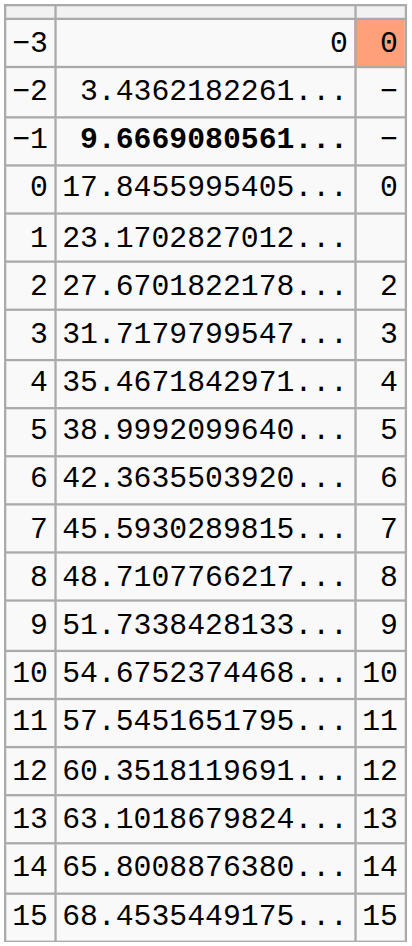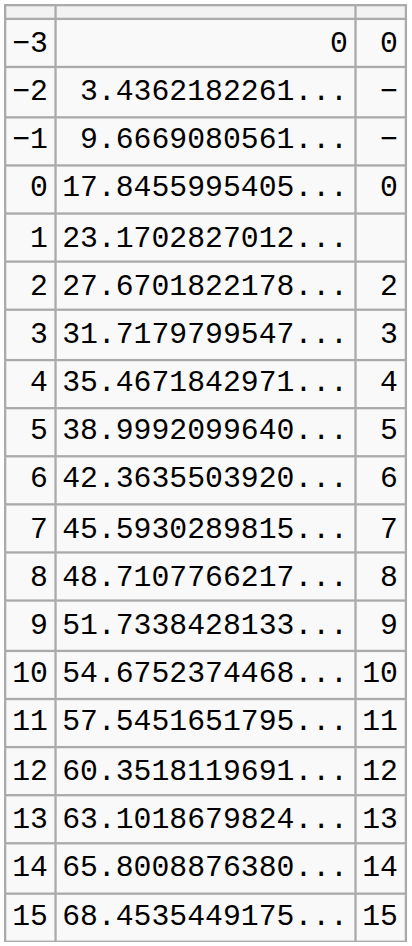 <table class="wikitable" border="1">
 <tr>
 <th></th>
 <th></th>
 <th></th>
 </tr>
 <tr>
 <td style="text-align:right;">−3</td>
 <td style="text-align:right;">0</td>
-<td style="background: lightsalmon; text-align:right;">0</td>
+<td style="text-align:right;">0</td>
 </tr>
 <tr>
 <td style="text-align:right;">−2</td>
 <td style="text-align:right;">3.4362182261...</td>
 <td style="text-align:right;">−</td>
 </tr>
 <tr>
 <td style="text-align:right;">−1</td>
-<td style="text-align:right;"><strong>9.6669080561...</strong></td>
+<td style="text-align:right;">9.6669080561...</td>
 <td style="text-align:right;">−</td>
 </tr>
 <tr>
 <td style="text-align:right;">0</td>
 <td>17.8455995405...</td>
 <td style="text-align:right;">0</td>
 </tr>
 <tr>
 <td style="text-align:right;">1</td>
 <td>23.1702827012...</td>
 <td style="text-align:right;"></td>
 </tr>
 <tr>
 <td style="text-align:right;">2</td>
 <td>27.6701822178...</td>
 <td style="text-align:right;">2</td>
 </tr>
 <tr>
 <td style="text-align:right;">3</td>
 <td>31.7179799547...</td>
 <td style="text-align:right;">3</td>
 </tr>
 <tr>
 <td style="text-align:right;">4</td>
 <td>35.4671842971...</td>
 <td style="text-align:right;">4</td>
 </tr>
 <tr>
 <td style="text-align:right;">5</td>
 <td>38.9992099640...</td>
 <td style="text-align:right;">5</td>
 </tr>
 <tr>
 <td style="text-align:right;">6</td>
 <td>42.3635503920...</td>
 <td style="text-align:right;">6</td>
 </tr>
 <tr>
 <td style="text-align:right;">7</td>
 <td>45.5930289815...</td>
 <td style="text-align:right;">7</td>
 </tr>
 <tr>
 <td style="text-align:right;">8</td>
 <td>48.7107766217...</td>
 <td style="text-align:right;">8</td>
 </tr>
 <tr>
 <td style="text-align:right;">9</td>
 <td>51.7338428133...</td>
 <td style="text-align:right;">9</td>
 </tr>
 <tr>
 <td style="text-align:right;">10</td>
 <td>54.6752374468...</td>
 <td style="text-align:right;">10</td>
 </tr>
 <tr>
 <td style="text-align:right;">11</td>
 <td>57.5451651795...</td>
 <td style="text-align:right;">11</td>
 </tr>
 <tr>
 <td style="text-align:right;">12</td>
 <td>60.3518119691...</td>
 <td style="text-align:right;">12</td>
 </tr>
 <tr>
 <td style="text-align:right;">13</td>
 <td>63.1018679824...</td>
 <td style="text-align:right;">13</td>
 </tr>
 <tr>
 <td style="text-align:right;">14</td>
 <td>65.8008876380...</td>
 <td style="text-align:right;">14</td>
 </tr>
 <tr>
 <td style="text-align:right;">15</td>
 <td>68.4535449175...</td>
 <td style="text-align:right;">15</td>
 </tr>
 </table>
